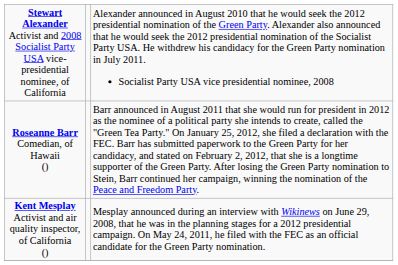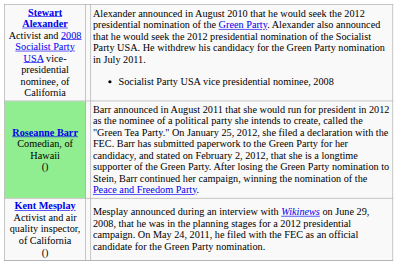 <table class=wikitable>
 <tr>
 <td style="text-align:center; width:120px;"><strong><a href='#'>Stewart Alexander</a></strong><br>Activist and <a href='#'>2008</a> <a href='#'>Socialist Party USA</a> vice-presidential nominee, of California</td>
 <td></td>
 <td>Alexander announced in August 2010 that he would seek the 2012 presidential nomination of the <a href='#'>Green Party</a>. Alexander also announced that he would seek the 2012 presidential nomination of the Socialist Party USA. He withdrew his candidacy for the Green Party nomination in July 2011.<br><ul><li>Socialist Party USA vice presidential nominee, 2008</li></ul></td>
 </tr>
 <tr>
-<td style="text-align:center; width:120px;"><strong><a href='#'>Roseanne Barr</a></strong><br> Comedian, of Hawaii<br>()</td>
+<td style="background: lightgreen; text-align:center; width:120px;"><strong><a href='#'>Roseanne Barr</a></strong><br> Comedian, of Hawaii<br>()</td>
 <td></td>
 <td>Barr announced in August 2011 that she would run for president in 2012 as the nominee of a political party she intends to create, called the "Green Tea Party." On January 25, 2012, she filed a declaration with the FEC. Barr has submitted paperwork to the Green Party for her candidacy, and stated on February 2, 2012, that she is a longtime supporter of the Green Party. After losing the Green Party nomination to Stein, Barr continued her campaign, winning the nomination of the <a href='#'>Peace and Freedom Party</a>.</td>
 </tr>
 <tr>
 <td style="text-align:center; width:120px;"><strong><a href='#'>Kent Mesplay</a></strong><br>Activist and air quality inspector, of California<br>()</td>
 <td></td>
 <td>Mesplay announced during an interview with <em><a href='#'>Wikinews</a></em> on June 29, 2008, that he was in the planning stages for a 2012 presidential campaign. On May 24, 2011, he filed with the FEC as an official candidate for the Green Party nomination.</td>
 </tr>
 <tr>
 </tr>
 </table>
